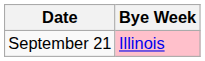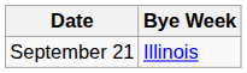 <table class="wikitable" style="font-size:95%;">
 <tr>
 <th>Date</th>
 <th>Bye Week</th>
 </tr>
 <tr>
 <td>September 21</td>
-<td style="background: pink;"><a href='#'>Illinois</a></td>
+<td><a href='#'>Illinois</a></td>
 </tr>
 </table>
